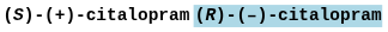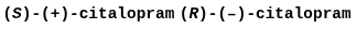 <table style="margin:auto">
 <tr>
 <td align="center"></td>
 <td align="center"></td>
 </tr>
 <tr>
 <td align="center"></td>
 <td align="center"></td>
 </tr>
 <tr>
 <td align="center"><strong>(<em>S</em>)-(+)-citalopram</strong></td>
-<td align="center" style="background: lightblue;"><strong>(<em>R</em>)-(–)-citalopram</strong></td>
+<td align="center"><strong>(<em>R</em>)-(–)-citalopram</strong></td>
 </tr>
 </table>
